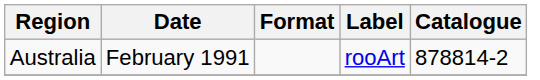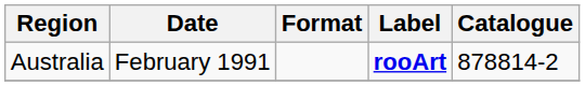 <table class="wikitable plainrowheaders">
 <tr>
 <th scope="col">Region</th>
 <th scope="col">Date</th>
 <th scope="col">Format</th>
 <th scope="col">Label</th>
 <th scope="col">Catalogue</th>
 </tr>
 <tr>
 <td>Australia</td>
 <td>February 1991</td>
 <td></td>
-<td><a href='#'>rooArt</a></td>
+<td><strong><a href='#'>rooArt</a></strong></td>
 <td>878814-2</td>
 </tr>
 <tr>
 </tr>
 </table>
